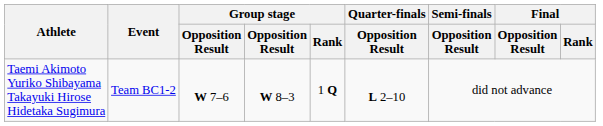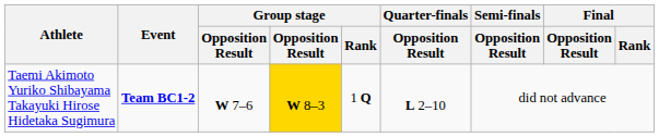 <table class=wikitable>
 <tr>
 <th rowspan="2">Athlete</th>
 <th rowspan="2">Event</th>
 <th colspan="3">Group stage</th>
 <th>Quarter-finals</th>
 <th>Semi-finals</th>
 <th colspan="2">Final</th>
 </tr>
 <tr>
 <th>Opposition<br>Result</th>
 <th>Opposition<br>Result</th>
 <th>Rank</th>
 <th>Opposition<br>Result</th>
 <th>Opposition<br>Result</th>
 <th>Opposition<br>Result</th>
 <th>Rank</th>
 </tr>
 <tr align=center>
 <td align=left><a href='#'>Taemi Akimoto</a><br><a href='#'>Yuriko Shibayama</a><br><a href='#'>Takayuki Hirose</a><br><a href='#'>Hidetaka Sugimura</a></td>
-<td align=left><a href='#'>Team BC1-2</a></td>
+<td align=left><strong><a href='#'>Team BC1-2</a></strong></td>
 <td><br> <strong>W</strong> 7–6</td>
-<td><br> <strong>W</strong> 8–3</td>
+<td style="background: gold;"><br> <strong>W</strong> 8–3</td>
 <td>1 <strong>Q</strong></td>
 <td><br> <strong>L</strong> 2–10</td>
 <td colspan=3>did not advance</td>
 </tr>
 </table>
